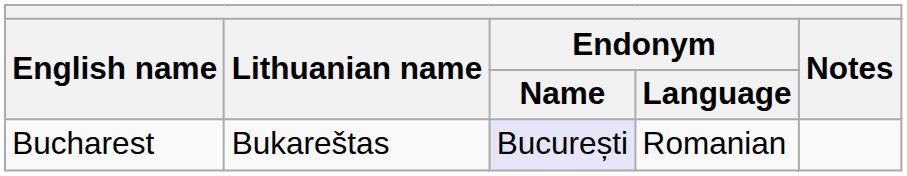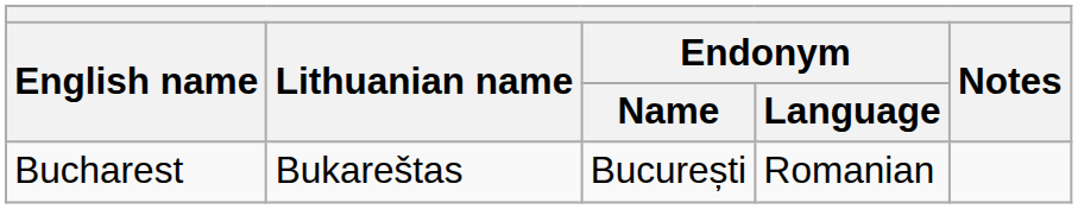 <table class="wikitable sortable">
 <tr>
 <th colspan="5"></th>
 </tr>
 <tr>
 <th rowspan="2">English name</th>
 <th rowspan="2">Lithuanian name</th>
 <th colspan="2">Endonym</th>
 <th rowspan="2">Notes</th>
 </tr>
 <tr>
 <th>Name</th>
 <th>Language</th>
 </tr>
 <tr>
 <td>Bucharest</td>
 <td>Bukareštas</td>
-<td style="background: lavender;">București</td>
+<td>București</td>
 <td>Romanian</td>
 <td></td>
 </tr>
 </table>
